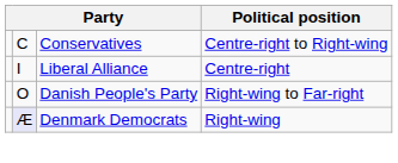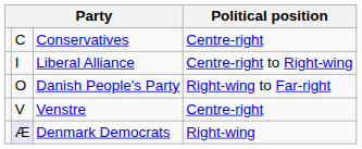 <table class="wikitable">
 <tr>
 <th colspan="3">Party</th>
 <th>Political position</th>
 </tr>
 <tr>
 <td></td>
 <td>C</td>
 <td><a href='#'>Conservatives</a></td>
-<td><a href='#'>Centre-right</a> to <a href='#'>Right-wing</a></td>
+<td><a href='#'>Centre-right</a></td>
 </tr>
 <tr>
 <td></td>
 <td>I</td>
 <td><a href='#'>Liberal Alliance</a></td>
-<td><a href='#'>Centre-right</a></td>
+<td><a href='#'>Centre-right</a> to <a href='#'>Right-wing</a></td>
 </tr>
 <tr>
 <td></td>
 <td>O</td>
 <td><a href='#'>Danish People's Party</a></td>
 <td><a href='#'>Right-wing</a> to  <a href='#'>Far-right</a></td>
 </tr>
 <tr>
 <td></td>
+<td>V</td>
+<td><a href='#'>Venstre</a></td>
+<td><a href='#'>Centre-right</a></td>
+</tr>
+<tr>
+<td></td>
 <td style="background: lavender;">Æ</td>
 <td><a href='#'>Denmark Democrats</a></td>
 <td><a href='#'>Right-wing</a></td>
 </tr>
 </table>
